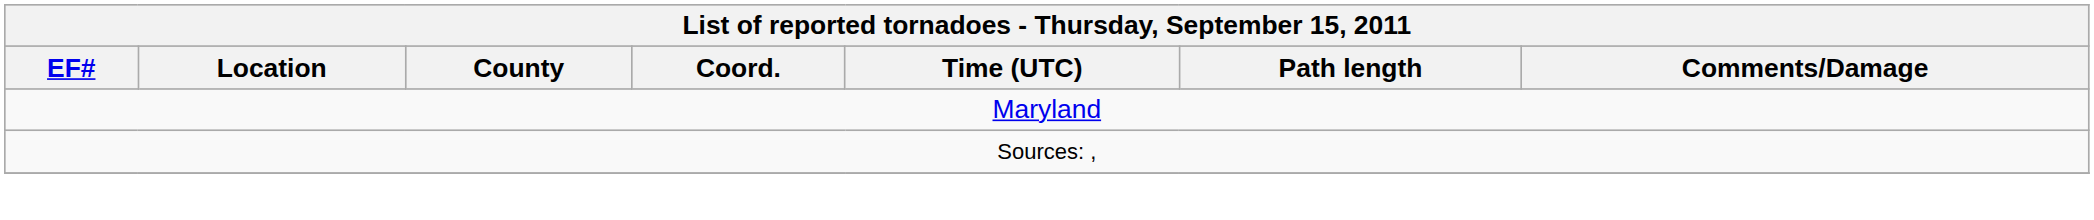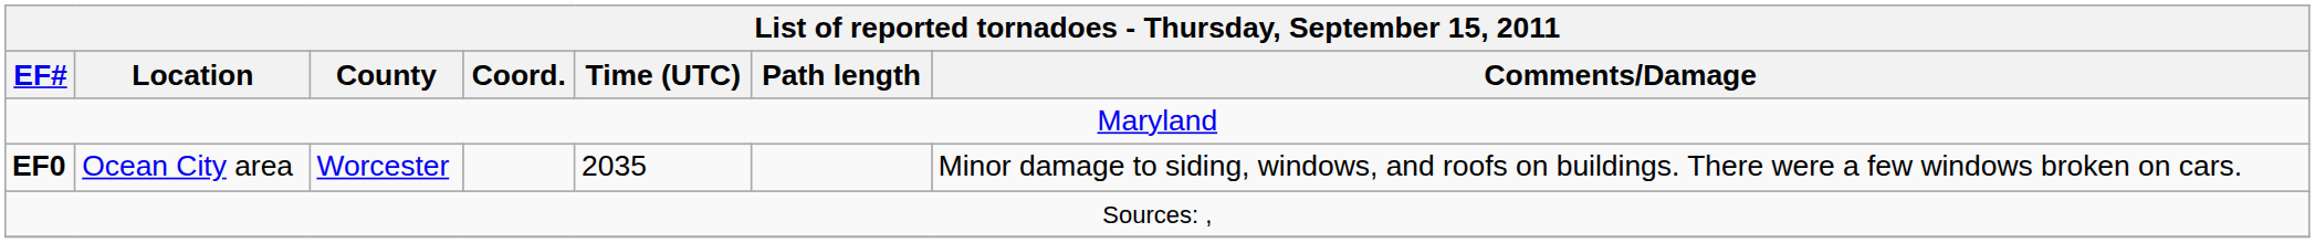 <table class="wikitable collapsible" width="100%">
 <tr>
 <th colspan="7">List of reported tornadoes - Thursday, September 15, 2011</th>
 </tr>
 <tr>
 <th><a href='#'>EF#</a></th>
 <th>Location</th>
 <th>County</th>
 <th>Coord.</th>
 <th>Time (UTC)</th>
 <th>Path length</th>
 <th>Comments/Damage</th>
 </tr>
 <tr>
 <td colspan="7" align=center><a href='#'>Maryland</a></td>
 </tr>
 <tr>
+<td><strong>EF0</strong></td>
+<td><a href='#'>Ocean City</a> area</td>
+<td><a href='#'>Worcester</a></td>
+<td></td>
+<td>2035</td>
+<td></td>
+<td>Minor damage to siding, windows, and roofs on buildings. There were a few windows broken on cars.</td>
+</tr>
+<tr>
 <td colspan="7" align=center><small>Sources: , </small></td>
 </tr>
 <tr>
 </tr>
 </table>
